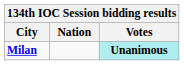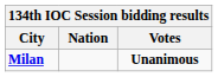 <table class="wikitable">
 <tr>
 <th colspan="7">134th IOC Session bidding results</th>
 </tr>
 <tr>
 <th>City</th>
 <th>Nation</th>
 <th>Votes</th>
 </tr>
 <tr>
 <td><strong><a href='#'>Milan</a></strong></td>
 <td><strong></strong></td>
-<td align=center style="background: paleturquoise;"><strong>Unanimous</strong></td>
+<td align=center><strong>Unanimous</strong></td>
 </tr>
 </table>
